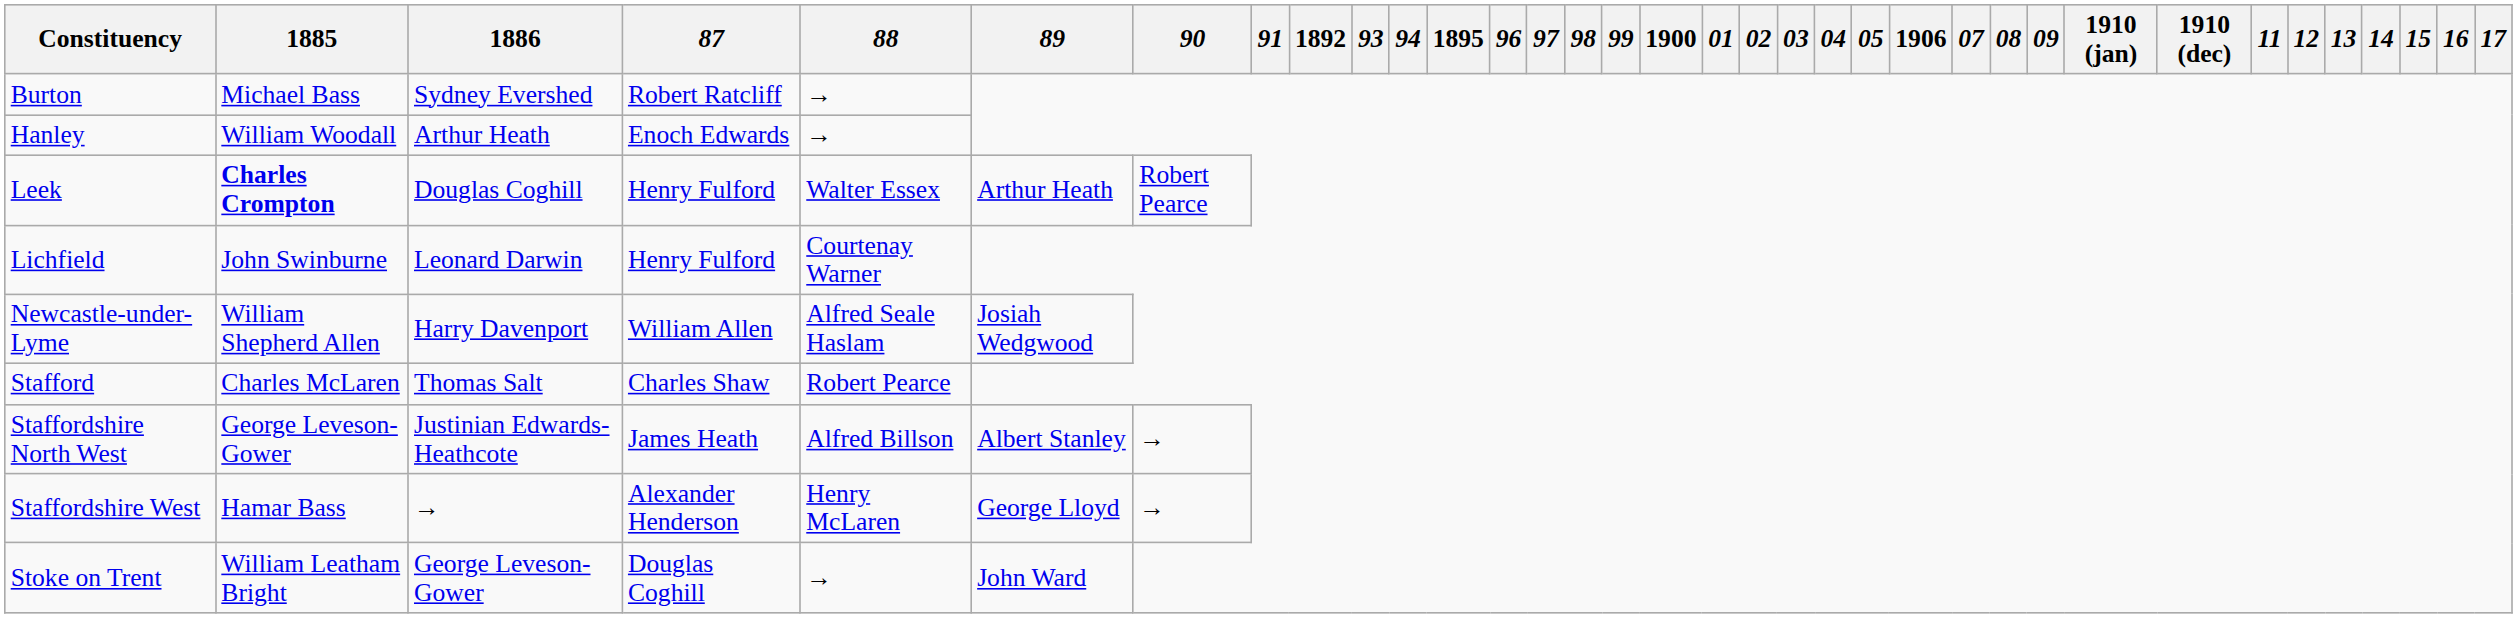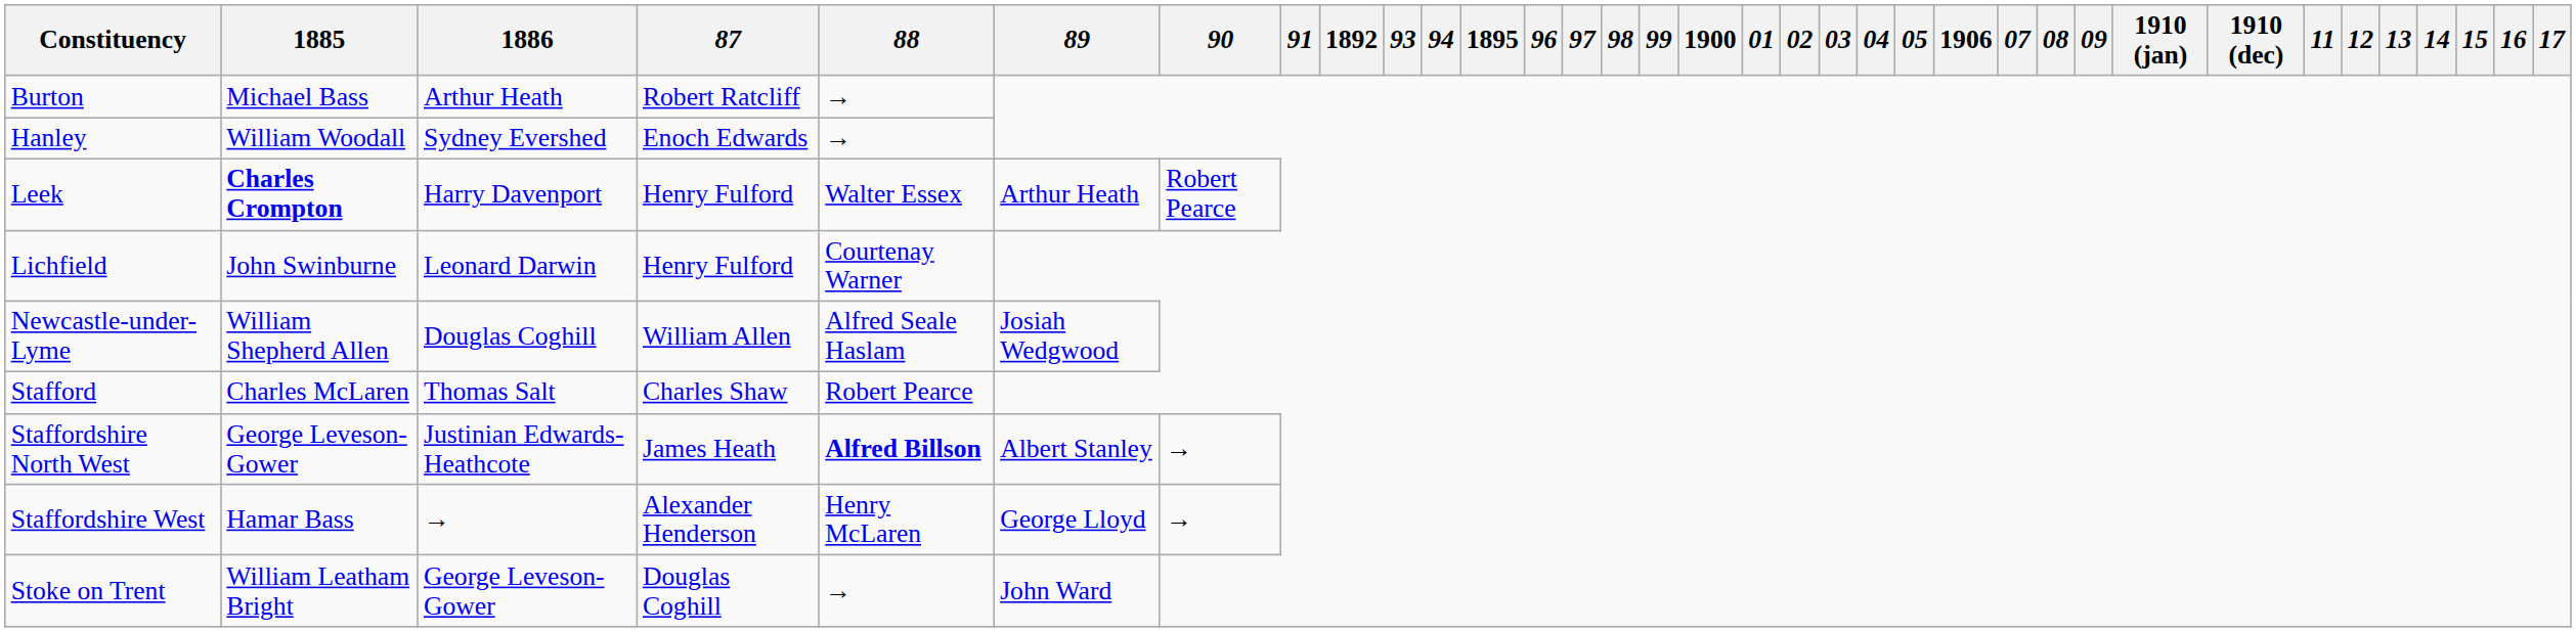 <table class="wikitable">
 <tr>
 <th>Constituency</th>
 <th>1885</th>
 <th>1886</th>
 <th><em>87</em></th>
 <th><em>88</em></th>
 <th><em>89</em></th>
 <th><em>90</em></th>
 <th><em>91</em></th>
 <th>1892</th>
 <th><em>93</em></th>
 <th><em>94</em></th>
 <th>1895</th>
 <th><em>96</em></th>
 <th><em>97</em></th>
 <th><em>98</em></th>
 <th><em>99</em></th>
 <th>1900</th>
 <th><em>01</em></th>
 <th><em>02</em></th>
 <th><em>03</em></th>
 <th><em>04</em></th>
 <th><em>05</em></th>
 <th>1906</th>
 <th><em>07</em></th>
 <th><em>08</em></th>
 <th><em>09</em></th>
 <th>1910 (jan)</th>
 <th>1910 (dec)</th>
 <th><em>11</em></th>
 <th><em>12</em></th>
 <th><em>13</em></th>
 <th><em>14</em></th>
 <th><em>15</em></th>
 <th><em>16</em></th>
 <th><em>17</em></th>
 </tr>
 <tr>
 <td><a href='#'>Burton</a></td>
 <td><a href='#'>Michael Bass</a></td>
-<td><a href='#'>Sydney Evershed</a></td>
+<td><a href='#'>Arthur Heath</a></td>
 <td><a href='#'>Robert Ratcliff</a></td>
 <td>→</td>
 </tr>
 <tr>
 <td><a href='#'>Hanley</a></td>
 <td><a href='#'>William Woodall</a></td>
-<td><a href='#'>Arthur Heath</a></td>
+<td><a href='#'>Sydney Evershed</a></td>
 <td><a href='#'>Enoch Edwards</a></td>
 <td>→</td>
 </tr>
 <tr>
 <td><a href='#'>Leek</a></td>
 <td><strong><a href='#'>Charles Crompton</a></strong></td>
-<td><a href='#'>Douglas Coghill</a></td>
+<td><a href='#'>Harry Davenport</a></td>
 <td><a href='#'>Henry Fulford</a></td>
 <td><a href='#'>Walter Essex</a></td>
 <td><a href='#'>Arthur Heath</a></td>
 <td><a href='#'>Robert Pearce</a></td>
 </tr>
 <tr>
 <td><a href='#'>Lichfield</a></td>
 <td><a href='#'>John Swinburne</a></td>
 <td><a href='#'>Leonard Darwin</a></td>
 <td><a href='#'>Henry Fulford</a></td>
 <td><a href='#'>Courtenay Warner</a></td>
 </tr>
 <tr>
 <td><a href='#'>Newcastle-under-Lyme</a></td>
 <td><a href='#'>William Shepherd Allen</a></td>
-<td><a href='#'>Harry Davenport</a></td>
+<td><a href='#'>Douglas Coghill</a></td>
 <td><a href='#'>William Allen</a></td>
 <td><a href='#'>Alfred Seale Haslam</a></td>
 <td><a href='#'>Josiah Wedgwood</a></td>
 </tr>
 <tr>
 <td><a href='#'>Stafford</a></td>
 <td><a href='#'>Charles McLaren</a></td>
 <td><a href='#'>Thomas Salt</a></td>
 <td><a href='#'>Charles Shaw</a></td>
 <td><a href='#'>Robert Pearce</a></td>
 </tr>
 <tr>
 <td><a href='#'>Staffordshire North West</a></td>
 <td><a href='#'>George Leveson-Gower</a></td>
 <td><a href='#'>Justinian Edwards-Heathcote</a></td>
 <td><a href='#'>James Heath</a></td>
-<td><a href='#'>Alfred Billson</a></td>
+<td><strong><a href='#'>Alfred Billson</a></strong></td>
 <td><a href='#'>Albert Stanley</a></td>
 <td>→</td>
 </tr>
 <tr>
 <td><a href='#'>Staffordshire West</a></td>
 <td><a href='#'>Hamar Bass</a></td>
 <td>→</td>
 <td><a href='#'>Alexander Henderson</a></td>
 <td><a href='#'>Henry McLaren</a></td>
 <td><a href='#'>George Lloyd</a></td>
 <td>→</td>
 </tr>
 <tr>
 <td><a href='#'>Stoke on Trent</a></td>
 <td><a href='#'>William Leatham Bright</a></td>
 <td><a href='#'>George Leveson-Gower</a></td>
 <td><a href='#'>Douglas Coghill</a></td>
 <td>→</td>
 <td><a href='#'>John Ward</a></td>
 </tr>
 </table>
